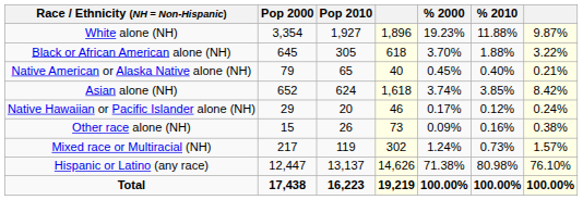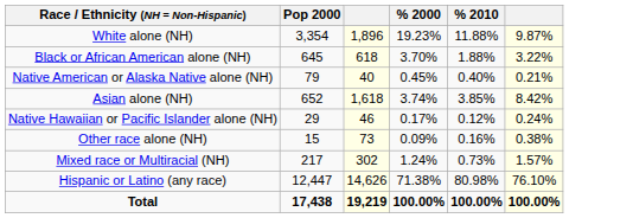 <table class="wikitable" style="text-align:center;">
 <tr>
 <th>Race / Ethnicity <small>(<em>NH = Non-Hispanic</em>)</small></th>
 <th>Pop 2000</th>
-<th>Pop 2010</th>
 <th></th>
 <th>% 2000</th>
 <th>% 2010</th>
 <th></th>
 </tr>
 <tr>
 <td><a href='#'>White</a> alone (NH)</td>
 <td>3,354</td>
-<td>1,927</td>
 <td style='background: #ffffe6;'>1,896</td>
 <td>19.23%</td>
 <td>11.88%</td>
 <td style='background: #ffffe6;'>9.87%</td>
 </tr>
 <tr>
 <td><a href='#'>Black or African American</a> alone (NH)</td>
 <td>645</td>
-<td>305</td>
 <td style='background: #ffffe6;'>618</td>
 <td>3.70%</td>
 <td>1.88%</td>
 <td style='background: #ffffe6;'>3.22%</td>
 </tr>
 <tr>
 <td><a href='#'>Native American</a> or <a href='#'>Alaska Native</a> alone (NH)</td>
 <td>79</td>
-<td>65</td>
 <td style='background: #ffffe6;'>40</td>
 <td>0.45%</td>
 <td>0.40%</td>
 <td style='background: #ffffe6;'>0.21%</td>
 </tr>
 <tr>
 <td><a href='#'>Asian</a> alone (NH)</td>
 <td>652</td>
-<td>624</td>
 <td style='background: #ffffe6;'>1,618</td>
 <td>3.74%</td>
 <td>3.85%</td>
 <td style='background: #ffffe6;'>8.42%</td>
 </tr>
 <tr>
 <td><a href='#'>Native Hawaiian</a> or <a href='#'>Pacific Islander</a> alone (NH)</td>
 <td>29</td>
-<td>20</td>
 <td style='background: #ffffe6;'>46</td>
 <td>0.17%</td>
 <td>0.12%</td>
 <td style='background: #ffffe6;'>0.24%</td>
 </tr>
 <tr>
 <td><a href='#'>Other race</a> alone (NH)</td>
 <td>15</td>
-<td>26</td>
 <td style='background: #ffffe6;'>73</td>
 <td>0.09%</td>
 <td>0.16%</td>
 <td style='background: #ffffe6;'>0.38%</td>
 </tr>
 <tr>
 <td><a href='#'>Mixed race or Multiracial</a> (NH)</td>
 <td>217</td>
-<td>119</td>
 <td style='background: #ffffe6;'>302</td>
 <td>1.24%</td>
 <td>0.73%</td>
 <td style='background: #ffffe6;'>1.57%</td>
 </tr>
 <tr>
 <td><a href='#'>Hispanic or Latino</a> (any race)</td>
 <td>12,447</td>
-<td>13,137</td>
 <td style='background: #ffffe6;'>14,626</td>
 <td>71.38%</td>
 <td>80.98%</td>
 <td style='background: #ffffe6;'>76.10%</td>
 </tr>
 <tr>
 <td><strong>Total</strong></td>
 <td><strong>17,438</strong></td>
-<td><strong>16,223</strong></td>
 <td style='background: #ffffe6;'><strong>19,219</strong></td>
 <td><strong>100.00%</strong></td>
 <td><strong>100.00%</strong></td>
 <td style='background: #ffffe6;'><strong>100.00%</strong></td>
 </tr>
 </table>
